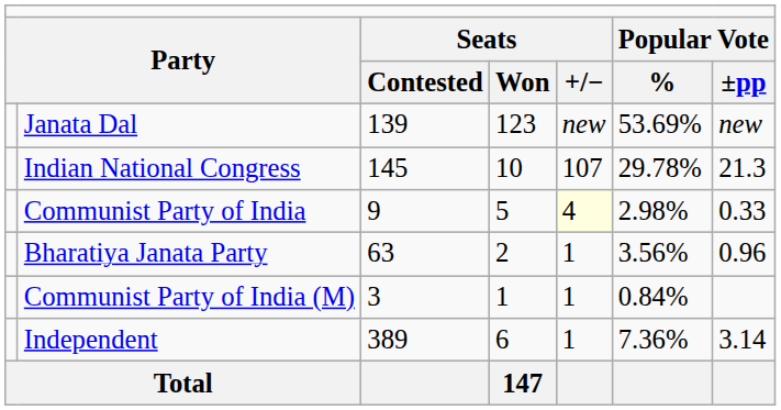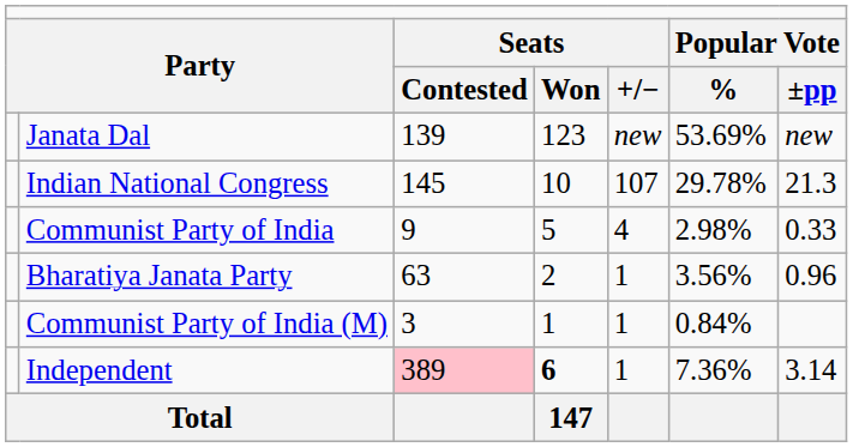 <table class="wikitable">
 <tr>
 <td colspan="7"></td>
 </tr>
 <tr>
 <th colspan="2" rowspan="2">Party</th>
 <th colspan="3">Seats</th>
 <th colspan="2">Popular Vote</th>
 </tr>
 <tr>
 <th>Contested</th>
 <th>Won</th>
 <th><strong>+/−</strong></th>
 <th>%</th>
 <th>±<a href='#'>pp</a></th>
 </tr>
 <tr>
 <td style="background-color: "></td>
 <td><a href='#'>Janata Dal</a></td>
 <td>139</td>
 <td>123</td>
 <td><em>new</em></td>
 <td>53.69%</td>
 <td><em>new</em></td>
 </tr>
 <tr>
 <td style="background-color: "></td>
 <td><a href='#'>Indian National Congress</a></td>
 <td>145</td>
 <td>10</td>
 <td>107</td>
 <td>29.78%</td>
 <td>21.3</td>
 </tr>
 <tr>
 <td style="background-color: "></td>
 <td><a href='#'>Communist Party of India</a></td>
 <td>9</td>
 <td>5</td>
-<td style="background: lightyellow;">4</td>
+<td>4</td>
 <td>2.98%</td>
 <td>0.33</td>
 </tr>
 <tr>
 <td style="background-color: "></td>
 <td><a href='#'>Bharatiya Janata Party</a></td>
 <td>63</td>
 <td>2</td>
 <td>1</td>
 <td>3.56%</td>
 <td>0.96</td>
 </tr>
 <tr>
 <td style="background-color: "></td>
 <td><a href='#'>Communist Party of India (M)</a></td>
 <td>3</td>
 <td>1</td>
 <td>1</td>
 <td>0.84%</td>
 <td></td>
 </tr>
 <tr>
 <td style="background-color: "></td>
 <td><a href='#'>Independent</a></td>
-<td>389</td>
-<td>6</td>
+<td style="background: pink;">389</td>
+<td><strong>6</strong></td>
 <td>1</td>
 <td>7.36%</td>
 <td>3.14</td>
 </tr>
 <tr>
 <th colspan="2">Total</th>
 <th></th>
 <th>147</th>
 <th></th>
 <th></th>
 <th></th>
 </tr>
 </table>
